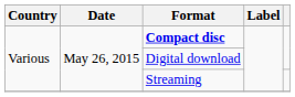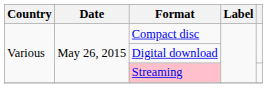 <table class="wikitable">
 <tr>
 <th>Country</th>
 <th>Date</th>
 <th>Format</th>
 <th>Label</th>
 <th></th>
 </tr>
 <tr>
 <td rowspan="3">Various</td>
 <td rowspan="3">May 26, 2015</td>
-<td><strong><a href='#'>Compact disc</a></strong></td>
+<td><a href='#'>Compact disc</a></td>
 <td rowspan="3"></td>
 <td rowspan="2"></td>
 </tr>
 <tr>
 <td><a href='#'>Digital download</a></td>
 </tr>
 <tr>
-<td><a href='#'>Streaming</a></td>
+<td style="background: pink;"><a href='#'>Streaming</a></td>
 <td></td>
 </tr>
 <tr>
 </tr>
 </table>
